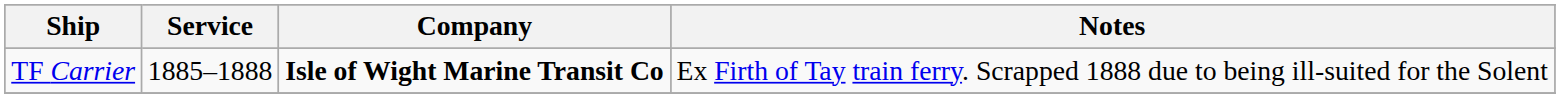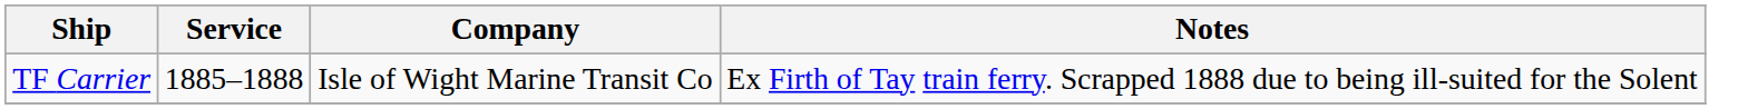 <table class="wikitable">
 <tr>
 <th>Ship</th>
 <th>Service</th>
 <th>Company</th>
 <th>Notes</th>
 </tr>
 <tr>
 <td><a href='#'>TF <em>Carrier</em></a></td>
 <td>1885–1888</td>
-<td><strong>Isle of Wight Marine Transit Co</strong></td>
+<td>Isle of Wight Marine Transit Co</td>
 <td>Ex <a href='#'>Firth of Tay</a> <a href='#'>train ferry</a>. Scrapped 1888 due to being ill-suited for the Solent</td>
 </tr>
 <tr>
 </tr>
 </table>
